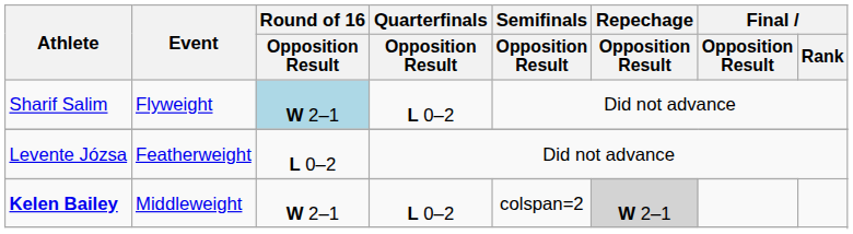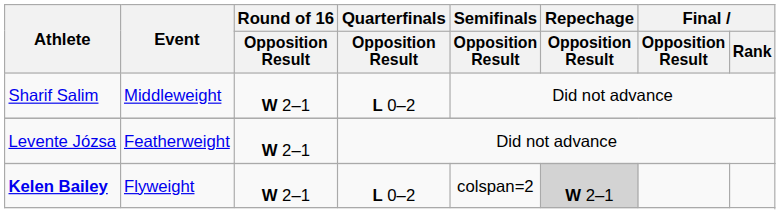 <table class="wikitable" style="font-size:90%">
 <tr>
 <th rowspan=2>Athlete</th>
 <th rowspan=2>Event</th>
 <th>Round of 16</th>
 <th>Quarterfinals</th>
 <th>Semifinals</th>
 <th>Repechage</th>
 <th colspan=2>Final / </th>
 </tr>
 <tr style="font-size:95%">
 <th>Opposition<br>Result</th>
 <th>Opposition<br>Result</th>
 <th>Opposition<br>Result</th>
 <th>Opposition<br>Result</th>
 <th>Opposition<br>Result</th>
 <th>Rank</th>
 </tr>
 <tr align=center>
 <td align=left><a href='#'>Sharif Salim</a></td>
-<td align=left><a href='#'>Flyweight</a></td>
-<td style="background: lightblue;"><br><strong>W</strong> 2–1</td>
+<td align=left><a href='#'>Middleweight</a></td>
+<td><br><strong>W</strong> 2–1</td>
 <td><br><strong>L</strong> 0–2</td>
 <td colspan=4>Did not advance</td>
 </tr>
 <tr>
 </tr>
 <tr align=center>
 <td align=left><a href='#'>Levente Józsa</a></td>
 <td align=left><a href='#'>Featherweight</a></td>
-<td><br><strong>L</strong> 0–2</td>
+<td><br><strong>W</strong> 2–1</td>
 <td colspan=5>Did not advance</td>
 </tr>
 <tr>
 </tr>
 <tr align=center>
 <td align=left><strong><a href='#'>Kelen Bailey</a></strong></td>
-<td align=left><a href='#'>Middleweight</a></td>
+<td align=left><a href='#'>Flyweight</a></td>
 <td><br><strong>W</strong> 2–1</td>
 <td><br><strong>L</strong> 0–2</td>
 <td>colspan=2 </td>
 <td style="background: lightgrey;"><br><strong>W</strong> 2–1</td>
 <td></td>
 </tr>
 <tr>
 </tr>
 </table>
